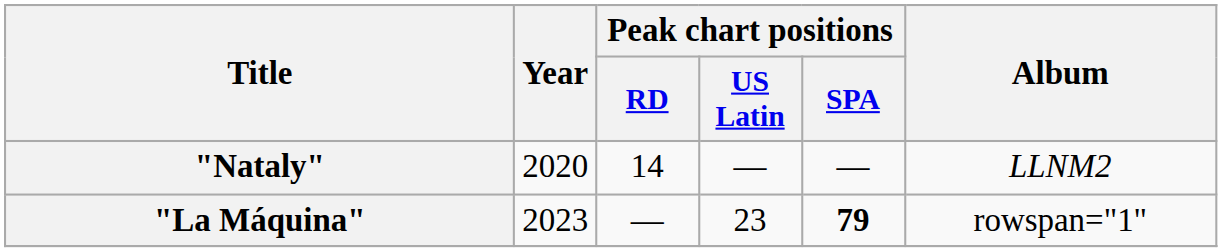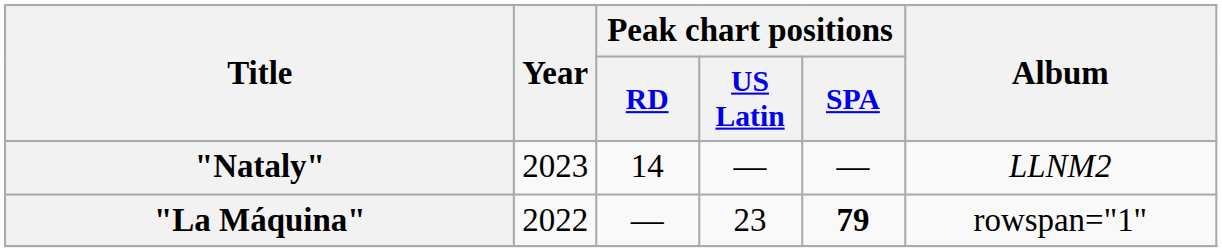 <table class="wikitable plainrowheaders" style="text-align:center;">
 <tr>
 <th scope="col" rowspan="2" style="width:15em;">Title</th>
 <th scope="col" rowspan="2" style="width:1em;">Year</th>
 <th scope="col" colspan="3">Peak chart positions</th>
 <th scope="col" rowspan="2" style="width:9em;">Album</th>
 </tr>
 <tr>
 <th scope="col" style="width:3em;font-size:90%;"><a href='#'>RD</a><br></th>
 <th scope="col" style="width:3em;font-size:90%;"><a href='#'>US<br>Latin</a><br></th>
 <th scope="col" style="width:3em;font-size:90%;"><a href='#'>SPA</a><br></th>
 </tr>
 <tr>
 <th scope="row">"Nataly"<br></th>
-<td>2020</td>
+<td>2023</td>
 <td>14</td>
 <td>—</td>
 <td>—</td>
 <td><em>LLNM2</em></td>
 </tr>
 <tr>
 <th scope="row">"La Máquina"<br></th>
-<td>2023</td>
+<td>2022</td>
 <td>—</td>
 <td>23</td>
 <td><strong>79</strong></td>
 <td>rowspan="1" </td>
 </tr>
 <tr>
 </tr>
 </table>
